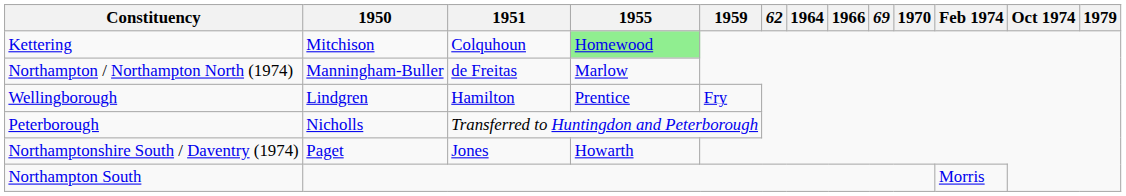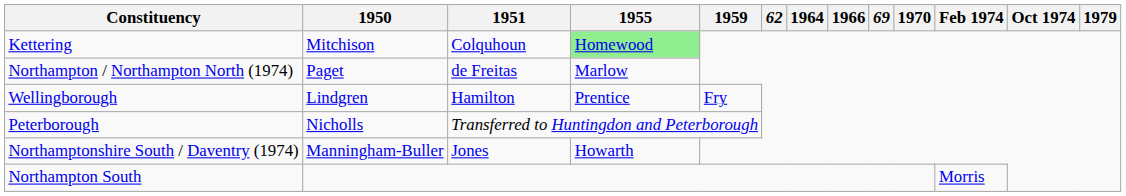 <table class="wikitable">
 <tr>
 <th>Constituency</th>
 <th>1950</th>
 <th>1951</th>
 <th>1955</th>
 <th>1959</th>
 <th><em>62</em></th>
 <th>1964</th>
 <th>1966</th>
 <th><em>69</em></th>
 <th>1970</th>
 <th>Feb 1974</th>
 <th>Oct 1974</th>
 <th>1979</th>
 </tr>
 <tr>
 <td><a href='#'>Kettering</a></td>
 <td><a href='#'>Mitchison</a></td>
 <td><a href='#'>Colquhoun</a></td>
 <td style="background: lightgreen;"><a href='#'>Homewood</a></td>
 </tr>
 <tr>
 <td><a href='#'>Northampton</a> / <a href='#'>Northampton North</a> (1974)</td>
-<td><a href='#'>Manningham-Buller</a></td>
+<td><a href='#'>Paget</a></td>
 <td><a href='#'>de Freitas</a></td>
 <td><a href='#'>Marlow</a></td>
 </tr>
 <tr>
 <td><a href='#'>Wellingborough</a></td>
 <td><a href='#'>Lindgren</a></td>
 <td><a href='#'>Hamilton</a></td>
 <td><a href='#'>Prentice</a></td>
 <td><a href='#'>Fry</a></td>
 </tr>
 <tr>
 <td><a href='#'>Peterborough</a></td>
 <td><a href='#'>Nicholls</a></td>
 <td colspan="3"><em>Transferred to <a href='#'>Huntingdon and Peterborough</a></em></td>
 </tr>
 <tr>
 <td><a href='#'>Northamptonshire South</a> / <a href='#'>Daventry</a> (1974)</td>
-<td><a href='#'>Paget</a></td>
+<td><a href='#'>Manningham-Buller</a></td>
 <td><a href='#'>Jones</a></td>
 <td><a href='#'>Howarth</a></td>
 </tr>
 <tr>
 <td><a href='#'>Northampton South</a></td>
 <td colspan="9"></td>
 <td><a href='#'>Morris</a></td>
 </tr>
 </table>
